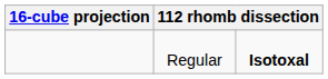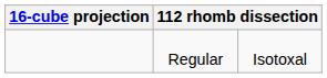 <table class=wikitable align=right>
 <tr>
 <th><a href='#'>16-cube</a> projection</th>
 <th colspan=2>112 rhomb dissection</th>
 </tr>
 <tr align=center>
 <td></td>
 <td><br>Regular</td>
-<td><strong><br>Isotoxal</strong></td>
+<td><br>Isotoxal</td>
 </tr>
 </table>
